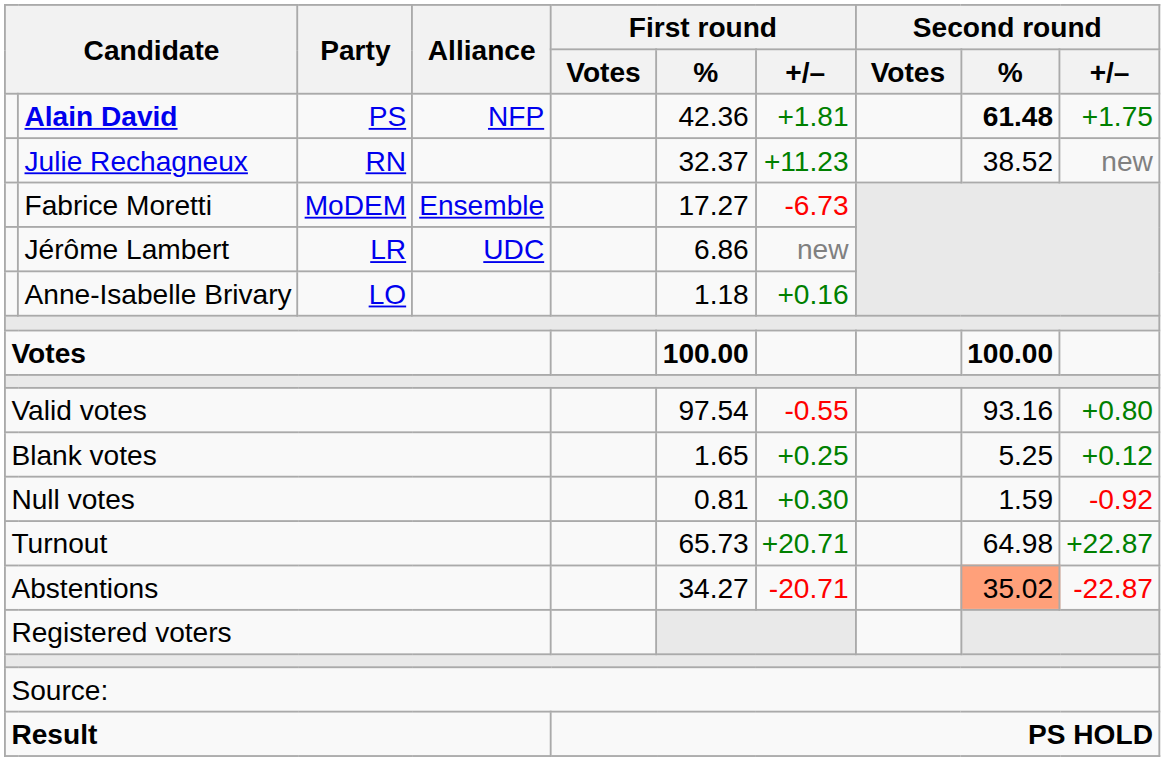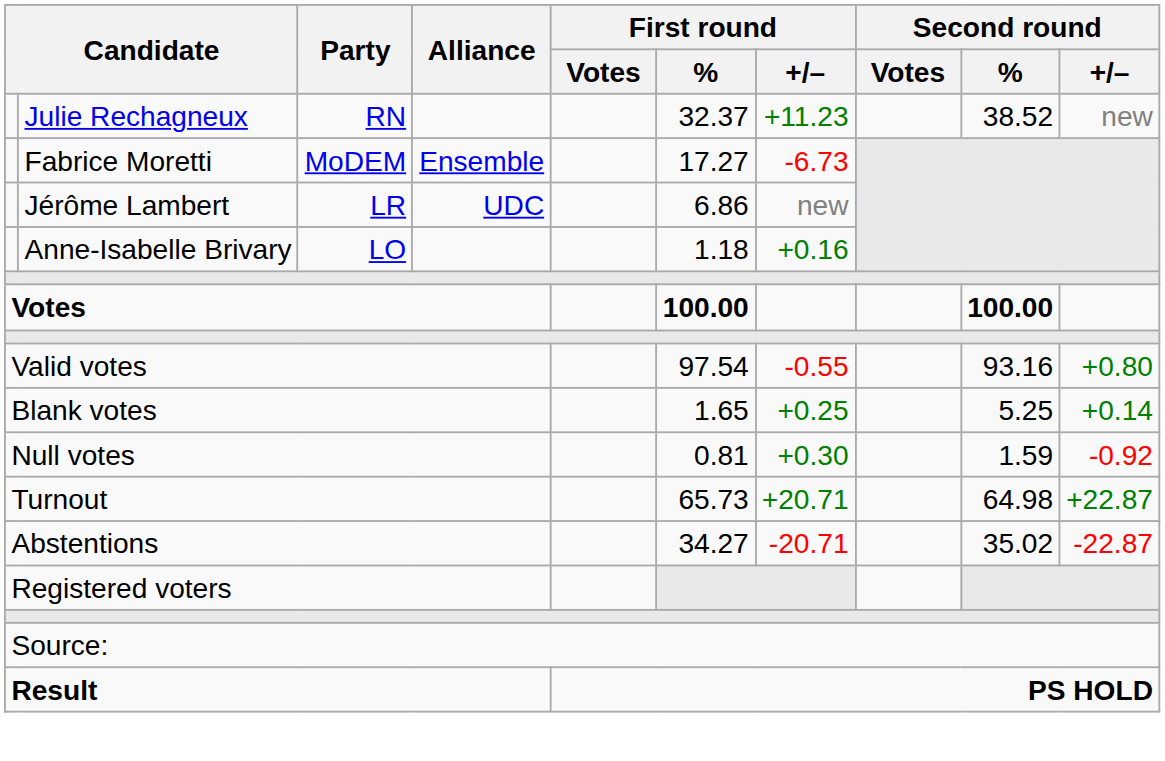 <table class="wikitable" style="text-align:right;font-size:95%;">
 <tr>
 <th rowspan="2" colspan="2">Candidate</th>
 <th colspan="1" rowspan="2">Party</th>
 <th colspan="1" rowspan="2">Alliance</th>
 <th colspan="3">First round</th>
 <th colspan="3">Second round</th>
 </tr>
 <tr>
 <th style="width:50px;">Votes</th>
 <th style="width:45px;">%</th>
 <th style="width:45px;">+/–</th>
 <th style="width:50px;">Votes</th>
 <th style="width:45px;">%</th>
 <th style="width:45px;">+/–</th>
-</tr>
-<tr>
-<td style="color:inherit;background:"></td>
-<td style="text-align:left;"><strong><a href='#'>Alain David</a></strong></td>
-<td><a href='#'>PS</a></td>
-<td><a href='#'>NFP</a></td>
-<td></td>
-<td>42.36</td>
-<td style="color:green;">+1.81</td>
-<td><strong></strong></td>
-<td><strong>61.48</strong></td>
-<td style="color:green;">+1.75</td>
 </tr>
 <tr>
 <td style="color:inherit;background:"></td>
 <td style="text-align:left;"><a href='#'>Julie Rechagneux</a></td>
 <td><a href='#'>RN</a></td>
 <td></td>
 <td></td>
 <td>32.37</td>
 <td style="color:green;">+11.23</td>
 <td></td>
 <td>38.52</td>
 <td style="color:grey;">new</td>
 </tr>
 <tr>
 <td style="color:inherit;background:"></td>
 <td style="text-align:left;">Fabrice Moretti</td>
 <td><a href='#'>MoDEM</a></td>
 <td><a href='#'>Ensemble</a></td>
 <td></td>
 <td>17.27</td>
 <td style="color:red;">-6.73</td>
 <td colspan="3" rowspan="3" style="background:#E9E9E9;"></td>
 </tr>
 <tr>
 <td style="color:inherit;background:"></td>
 <td style="text-align:left;">Jérôme Lambert</td>
 <td><a href='#'>LR</a></td>
 <td><a href='#'>UDC</a></td>
 <td></td>
 <td>6.86</td>
 <td style="color:grey;">new</td>
 </tr>
 <tr>
 <td style="color:inherit;background:"></td>
 <td style="text-align:left;">Anne-Isabelle Brivary</td>
 <td><a href='#'>LO</a></td>
 <td></td>
 <td></td>
 <td>1.18</td>
 <td style="color:green;">+0.16</td>
 </tr>
 <tr>
 <td colspan="10" style="background:#E9E9E9;"></td>
 </tr>
 <tr style="font-weight:bold;">
 <td colspan="4" style="text-align:left;">Votes</td>
 <td></td>
 <td>100.00</td>
 <td></td>
 <td></td>
 <td>100.00</td>
 <td></td>
 </tr>
 <tr>
 <td colspan="10" style="background:#E9E9E9;"></td>
 </tr>
 <tr>
 <td colspan="4" style="text-align:left;">Valid votes</td>
 <td></td>
 <td>97.54</td>
 <td style="color:red;">-0.55</td>
 <td></td>
 <td>93.16</td>
 <td style="color:green;">+0.80</td>
 </tr>
 <tr>
 <td colspan="4" style="text-align:left;">Blank votes</td>
 <td></td>
 <td>1.65</td>
 <td style="color:green;">+0.25</td>
 <td></td>
 <td>5.25</td>
-<td style="color:green;">+0.12</td>
+<td style="color:green;">+0.14</td>
 </tr>
 <tr>
 <td colspan="4" style="text-align:left;">Null votes</td>
 <td></td>
 <td>0.81</td>
 <td style="color:green;">+0.30</td>
 <td></td>
 <td>1.59</td>
 <td style="color:red;">-0.92</td>
 </tr>
 <tr>
 <td colspan="4" style="text-align:left;">Turnout</td>
 <td></td>
 <td>65.73</td>
 <td style="color:green;">+20.71</td>
 <td></td>
 <td>64.98</td>
 <td style="color:green;">+22.87</td>
 </tr>
 <tr>
 <td colspan="4" style="text-align:left;">Abstentions</td>
 <td></td>
 <td>34.27</td>
 <td style="color:red;">-20.71</td>
 <td></td>
-<td style="background: lightsalmon;">35.02</td>
+<td>35.02</td>
 <td style="color:red;">-22.87</td>
 </tr>
 <tr>
 <td colspan="4" style="text-align:left;">Registered voters</td>
 <td></td>
 <td colspan="2" style="background:#E9E9E9;"></td>
 <td></td>
 <td colspan="2" style="background:#E9E9E9;"></td>
 </tr>
 <tr>
 <td colspan="10" style="background:#E9E9E9;"></td>
 </tr>
 <tr>
 <td colspan="10" style="text-align:left;">Source: </td>
 </tr>
 <tr style="font-weight:bold">
 <td colspan="4" style="text-align:left;">Result</td>
 <td colspan="6" style="background-color:">PS HOLD</td>
 </tr>
 </table>
